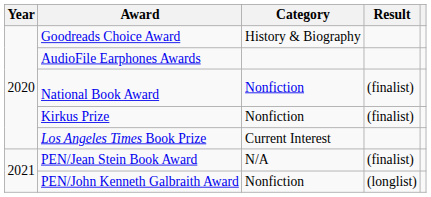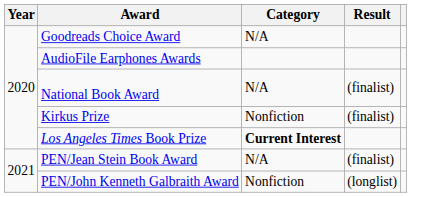 <table class="wikitable sortable">
 <tr>
 <th>Year</th>
 <th>Award</th>
 <th>Category</th>
 <th>Result</th>
 <th class="unsortable"></th>
 </tr>
 <tr>
 <td rowspan="5">2020</td>
 <td><a href='#'>Goodreads Choice Award</a></td>
-<td>History & Biography</td>
+<td>N/A</td>
 <td></td>
 <td></td>
 </tr>
 <tr>
 <td><a href='#'>AudioFile Earphones Awards</a></td>
 <td></td>
 <td></td>
 <td></td>
 </tr>
 <tr>
 <td><br><a href='#'>National Book Award</a></td>
-<td><a href='#'>Nonfiction</a></td>
+<td>N/A</td>
 <td> (finalist)</td>
 <td></td>
 </tr>
 <tr>
 <td><a href='#'>Kirkus Prize</a></td>
 <td>Nonfiction</td>
 <td> (finalist)</td>
 <td></td>
 </tr>
 <tr>
 <td><a href='#'><em>Los Angeles Times</em> Book Prize</a></td>
-<td>Current Interest</td>
+<td><strong>Current Interest</strong></td>
 <td></td>
 <td></td>
 </tr>
 <tr>
 <td rowspan="2">2021</td>
 <td><a href='#'>PEN/Jean Stein Book Award</a></td>
 <td>N/A</td>
 <td> (finalist)</td>
 <td></td>
 </tr>
 <tr>
 <td><a href='#'>PEN/John Kenneth Galbraith Award</a></td>
 <td>Nonfiction</td>
 <td> (longlist)</td>
 <td></td>
 </tr>
 </table>
